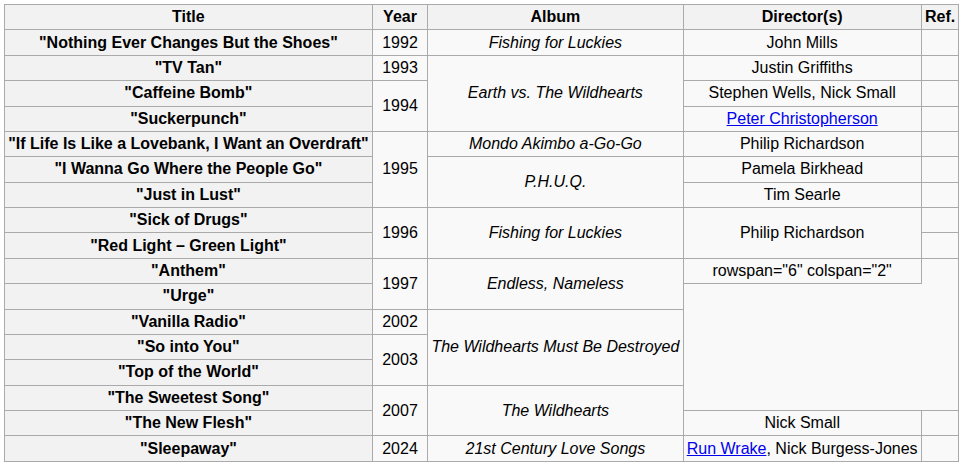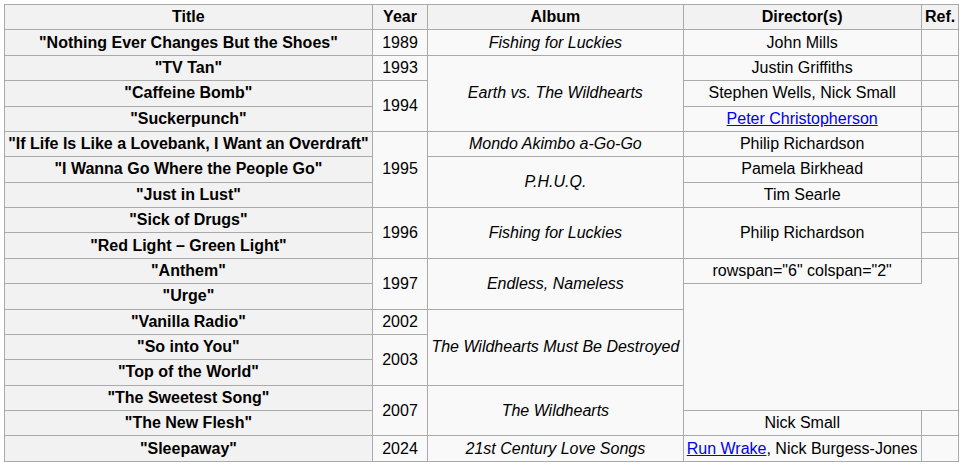 <table class="wikitable plainrowheaders" style="text-align:center;">
 <tr>
 <th scope="col">Title</th>
 <th scope="col" style="width:3em;">Year</th>
 <th scope="col">Album</th>
 <th scope="col">Director(s)</th>
 <th scope="col">Ref.</th>
 </tr>
 <tr>
 <th scope="row">"Nothing Ever Changes But the Shoes"</th>
-<td>1992</td>
+<td>1989</td>
 <td><em>Fishing for Luckies</em></td>
 <td>John Mills</td>
 <td></td>
 </tr>
 <tr>
 <th scope="row">"TV Tan"</th>
 <td>1993</td>
 <td rowspan="3"><em>Earth vs. The Wildhearts</em></td>
 <td>Justin Griffiths</td>
 <td></td>
 </tr>
 <tr>
 <th scope="row">"Caffeine Bomb"</th>
 <td rowspan="2">1994</td>
 <td>Stephen Wells, Nick Small</td>
 <td></td>
 </tr>
 <tr>
 <th scope="row">"Suckerpunch"</th>
 <td><a href='#'>Peter Christopherson</a></td>
 <td></td>
 </tr>
 <tr>
 <th scope="row">"If Life Is Like a Lovebank, I Want an Overdraft"</th>
 <td rowspan="3">1995</td>
 <td><em>Mondo Akimbo a-Go-Go</em></td>
 <td>Philip Richardson</td>
 <td></td>
 </tr>
 <tr>
 <th scope="row">"I Wanna Go Where the People Go"</th>
 <td rowspan="2"><em>P.H.U.Q.</em></td>
 <td>Pamela Birkhead</td>
 <td></td>
 </tr>
 <tr>
 <th scope="row">"Just in Lust"</th>
 <td>Tim Searle</td>
 <td></td>
 </tr>
 <tr>
 <th scope="row">"Sick of Drugs"</th>
 <td rowspan="2">1996</td>
 <td rowspan="2"><em>Fishing for Luckies</em> </td>
 <td rowspan="2">Philip Richardson</td>
 <td></td>
 </tr>
 <tr>
 <th scope="row">"Red Light – Green Light"</th>
 <td></td>
 </tr>
 <tr>
 <th scope="row">"Anthem"</th>
 <td rowspan="2">1997</td>
 <td rowspan="2"><em>Endless, Nameless</em></td>
 <td>rowspan="6" colspan="2" </td>
 </tr>
 <tr>
 <th scope="row">"Urge"</th>
 </tr>
 <tr>
 <th scope="row">"Vanilla Radio"</th>
 <td>2002</td>
 <td rowspan="3"><em>The Wildhearts Must Be Destroyed</em></td>
 </tr>
 <tr>
 <th scope="row">"So into You"</th>
 <td rowspan="2">2003</td>
 </tr>
 <tr>
 <th scope="row">"Top of the World"</th>
 </tr>
 <tr>
 <th scope="row">"The Sweetest Song"</th>
 <td rowspan="2">2007</td>
 <td rowspan="2"><em>The Wildhearts</em></td>
 </tr>
 <tr>
 <th scope="row">"The New Flesh"</th>
 <td>Nick Small</td>
 <td></td>
 </tr>
 <tr>
 <th scope="row">"Sleepaway"</th>
 <td>2024</td>
 <td><em>21st Century Love Songs</em></td>
 <td><a href='#'>Run Wrake</a>, Nick Burgess-Jones</td>
 <td></td>
 </tr>
 </table>
